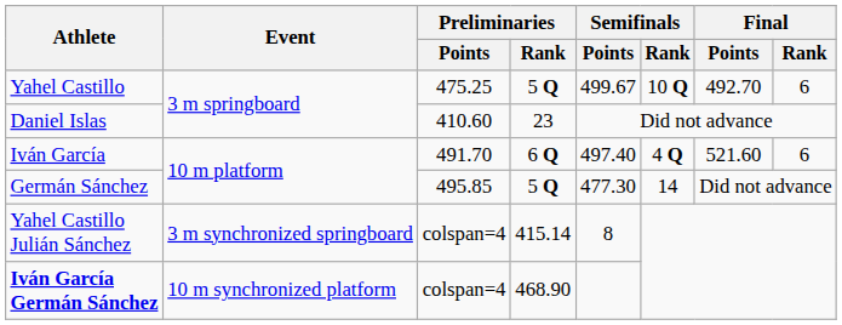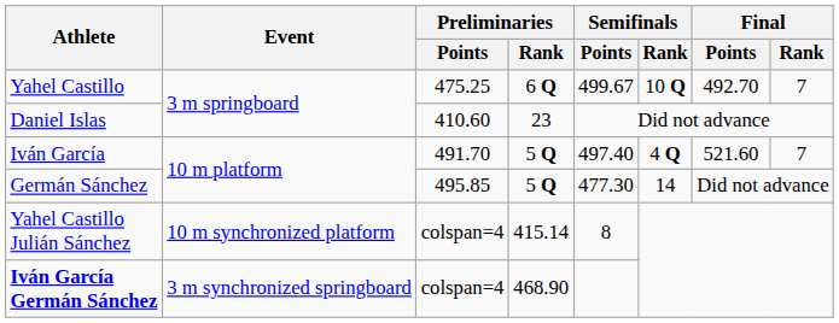 <table class=wikitable style="font-size:90%">
 <tr>
 <th rowspan="2">Athlete</th>
 <th rowspan="2">Event</th>
 <th colspan="2">Preliminaries</th>
 <th colspan="2">Semifinals</th>
 <th colspan="2">Final</th>
 </tr>
 <tr style="font-size:95%">
 <th>Points</th>
 <th>Rank</th>
 <th>Points</th>
 <th>Rank</th>
 <th>Points</th>
 <th>Rank</th>
 </tr>
 <tr align=center>
 <td align=left><a href='#'>Yahel Castillo</a></td>
 <td align=left rowspan=2><a href='#'>3 m springboard</a></td>
 <td>475.25</td>
-<td>5 <strong>Q</strong></td>
+<td>6 <strong>Q</strong></td>
 <td>499.67</td>
 <td>10 <strong>Q</strong></td>
 <td>492.70</td>
-<td>6</td>
+<td>7</td>
 </tr>
 <tr align=center>
 <td align=left><a href='#'>Daniel Islas</a></td>
 <td>410.60</td>
 <td>23</td>
 <td colspan=4>Did not advance</td>
 </tr>
 <tr align=center>
 <td align=left><a href='#'>Iván García</a></td>
 <td align=left rowspan=2><a href='#'>10 m platform</a></td>
 <td>491.70</td>
-<td>6 <strong>Q</strong></td>
+<td>5 <strong>Q</strong></td>
 <td>497.40</td>
 <td>4 <strong>Q</strong></td>
 <td>521.60</td>
-<td>6</td>
+<td>7</td>
 </tr>
 <tr align=center>
 <td align=left><a href='#'>Germán Sánchez</a></td>
 <td>495.85</td>
 <td>5 <strong>Q</strong></td>
 <td>477.30</td>
 <td>14</td>
 <td colspan=2>Did not advance</td>
 </tr>
 <tr align=center>
 <td align=left><a href='#'>Yahel Castillo</a><br> <a href='#'>Julián Sánchez</a></td>
-<td align=left><a href='#'>3 m synchronized springboard</a></td>
+<td align=left><a href='#'>10 m synchronized platform</a></td>
 <td>colspan=4 </td>
 <td>415.14</td>
 <td>8</td>
 </tr>
 <tr align=center>
 <td align=left><strong><a href='#'>Iván García</a><br> <a href='#'>Germán Sánchez</a></strong></td>
-<td align=left><a href='#'>10 m synchronized platform</a></td>
+<td align=left><a href='#'>3 m synchronized springboard</a></td>
 <td>colspan=4 </td>
 <td>468.90</td>
 <td></td>
 </tr>
 </table>
